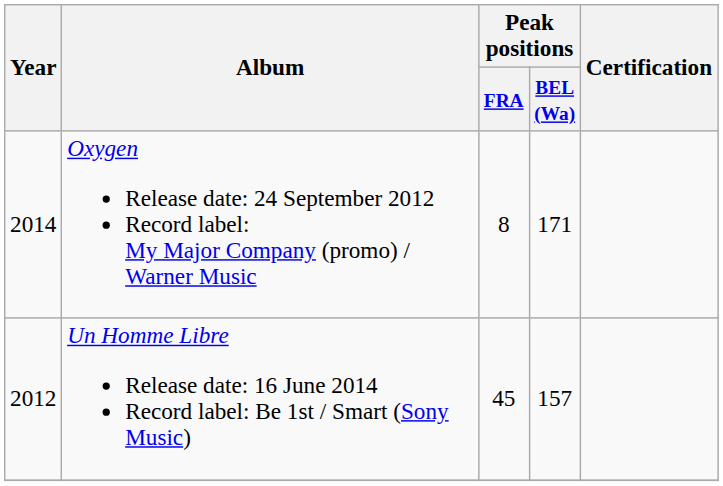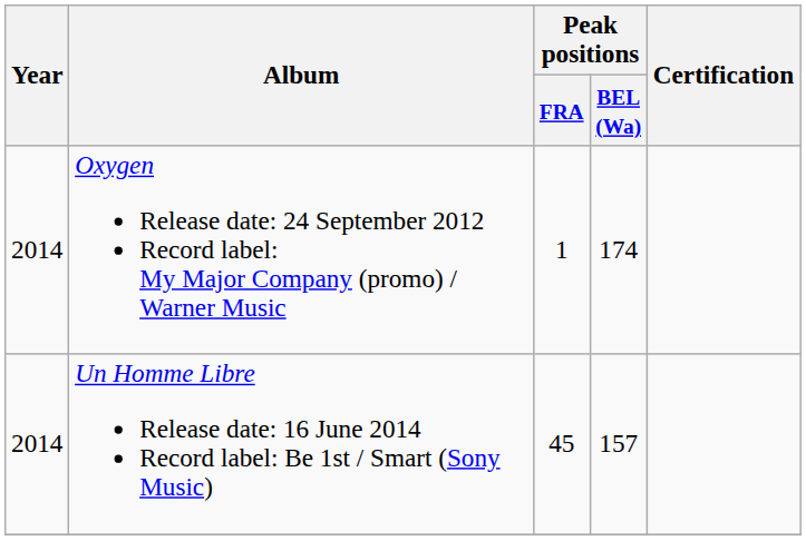 <table class="wikitable">
 <tr>
 <th align="center" rowspan="2" width="10">Year</th>
 <th align="center" rowspan="2" width="280">Album</th>
 <th align="center" colspan="2">Peak positions</th>
 <th align="center" rowspan="2" width="40">Certification</th>
 </tr>
 <tr>
 <th width="20"><small><a href='#'>FRA</a></small><br></th>
 <th width="20"><small><a href='#'>BEL <br>(Wa)</a></small><br></th>
 </tr>
 <tr>
 <td align="center" rowspan="1">2014</td>
 <td><em><a href='#'>Oxygen</a></em><br><ul><li>Release date: 24 September 2012</li><li>Record label: <br><a href='#'>My Major Company</a> (promo) / <br><a href='#'>Warner Music</a></li></ul></td>
-<td align="center">8</td>
-<td align="center">171</td>
+<td align="center">1</td>
+<td align="center">174</td>
 <td align="center"></td>
 </tr>
 <tr>
-<td align="center" rowspan="1">2012</td>
+<td align="center" rowspan="1">2014</td>
 <td><em><a href='#'>Un Homme Libre</a></em><br><ul><li>Release date: 16 June 2014</li><li>Record label: Be 1st / Smart (<a href='#'>Sony Music</a>)</li></ul></td>
 <td align="center">45</td>
 <td align="center">157</td>
 <td align="center"></td>
 </tr>
 <tr>
 </tr>
 </table>
